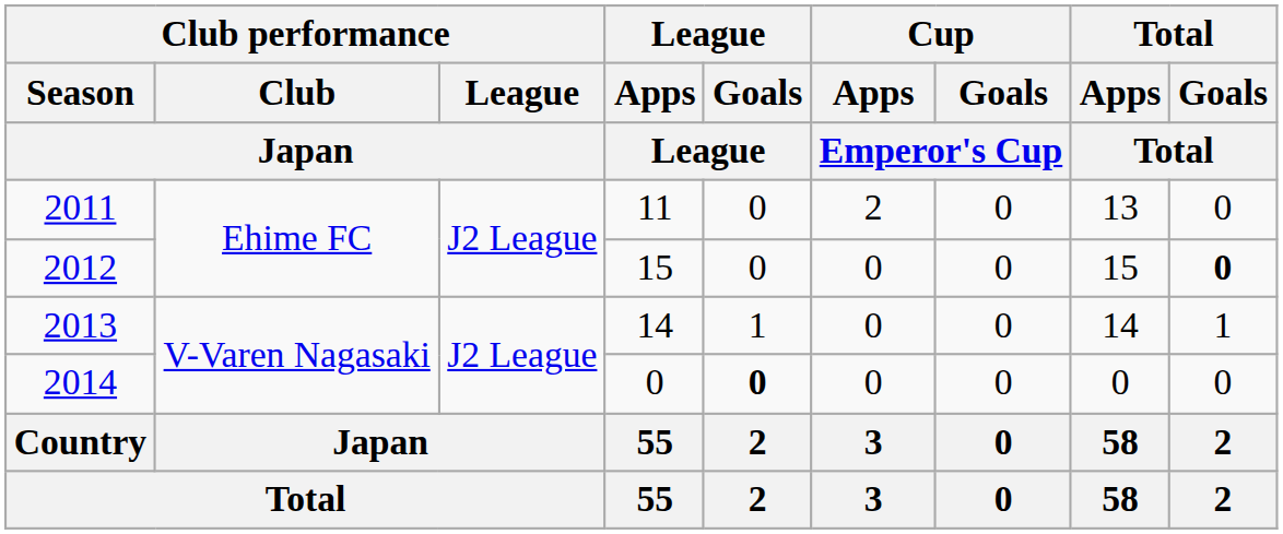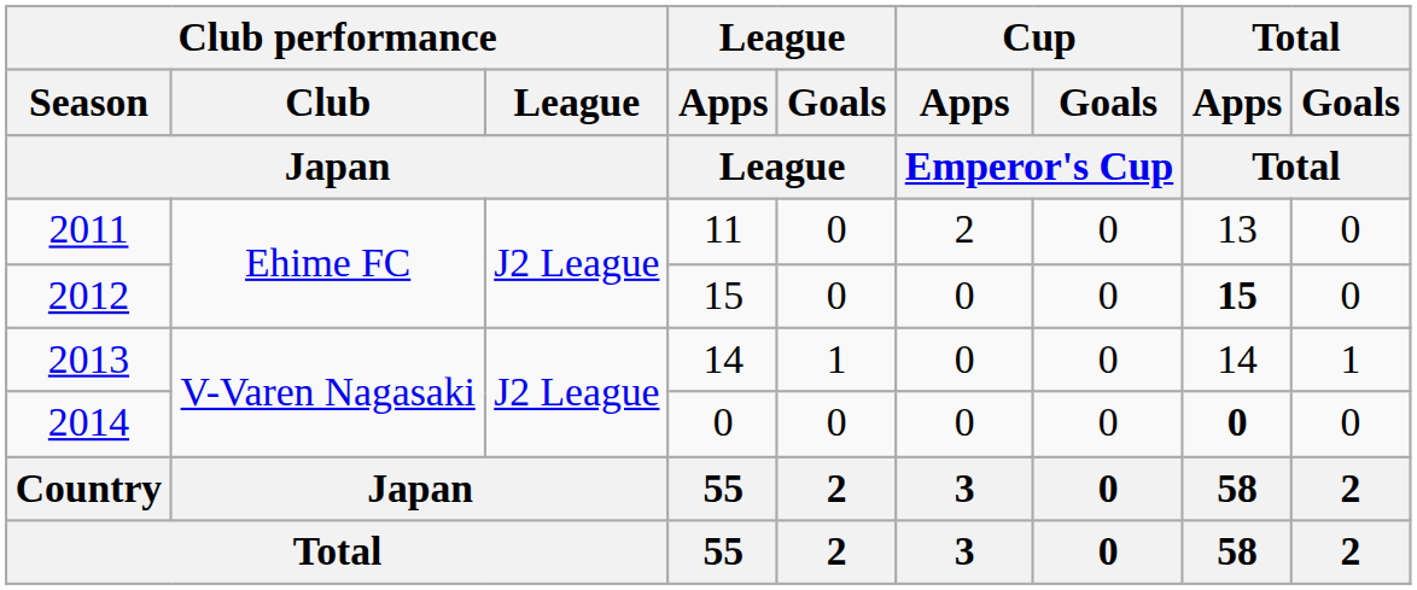 <table class="wikitable" style="text-align:center;">
 <tr>
 <th colspan=3>Club performance</th>
 <th colspan=2>League</th>
 <th colspan=2>Cup</th>
 <th colspan=2>Total</th>
 </tr>
 <tr>
 <th>Season</th>
 <th>Club</th>
 <th>League</th>
 <th>Apps</th>
 <th>Goals</th>
 <th>Apps</th>
 <th>Goals</th>
 <th>Apps</th>
 <th>Goals</th>
 </tr>
 <tr>
 <th colspan=3>Japan</th>
 <th colspan=2>League</th>
 <th colspan=2><a href='#'>Emperor's Cup</a></th>
 <th colspan=2>Total</th>
 </tr>
 <tr>
 <td><a href='#'>2011</a></td>
 <td rowspan="2"><a href='#'>Ehime FC</a></td>
 <td rowspan="2"><a href='#'>J2 League</a></td>
 <td>11</td>
 <td>0</td>
 <td>2</td>
 <td>0</td>
 <td>13</td>
 <td>0</td>
 </tr>
 <tr>
 <td><a href='#'>2012</a></td>
 <td>15</td>
 <td>0</td>
 <td>0</td>
 <td>0</td>
-<td>15</td>
-<td><strong>0</strong></td>
+<td><strong>15</strong></td>
+<td>0</td>
 </tr>
 <tr>
 <td><a href='#'>2013</a></td>
 <td rowspan="2"><a href='#'>V-Varen Nagasaki</a></td>
 <td rowspan="2"><a href='#'>J2 League</a></td>
 <td>14</td>
 <td>1</td>
 <td>0</td>
 <td>0</td>
 <td>14</td>
 <td>1</td>
 </tr>
 <tr>
 <td><a href='#'>2014</a></td>
 <td>0</td>
-<td><strong>0</strong></td>
 <td>0</td>
 <td>0</td>
 <td>0</td>
+<td><strong>0</strong></td>
 <td>0</td>
 </tr>
 <tr>
 <th rowspan=1>Country</th>
 <th colspan=2>Japan</th>
 <th>55</th>
 <th>2</th>
 <th>3</th>
 <th>0</th>
 <th>58</th>
 <th>2</th>
 </tr>
 <tr>
 <th colspan=3>Total</th>
 <th>55</th>
 <th>2</th>
 <th>3</th>
 <th>0</th>
 <th>58</th>
 <th>2</th>
 </tr>
 </table>
